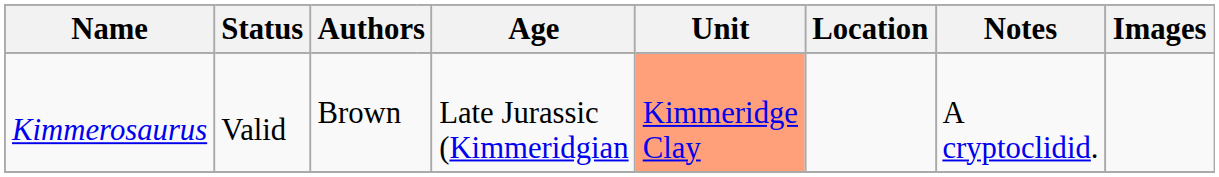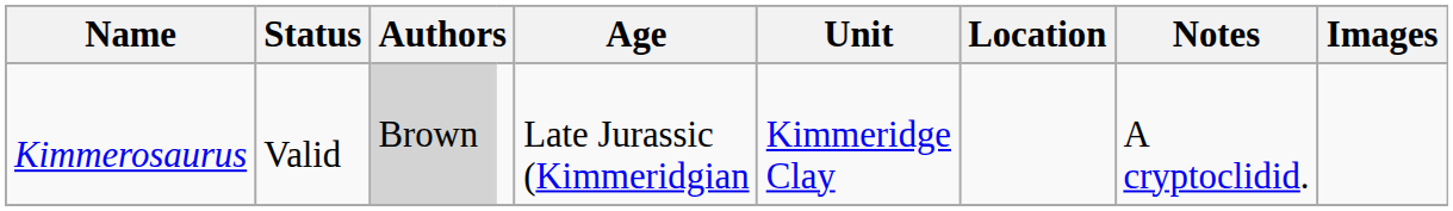 <table class="wikitable sortable" align="center" width="100%">
 <tr>
 <th>Name</th>
 <th>Status</th>
 <th colspan="2">Authors</th>
 <th>Age</th>
 <th>Unit</th>
 <th>Location</th>
 <th>Notes</th>
 <th>Images</th>
 </tr>
 <tr>
 <td><br><em><a href='#'>Kimmerosaurus</a></em></td>
 <td><br>Valid</td>
-<td style="border-right:0px" valign="top"><br>Brown</td>
+<td style="background: lightgrey; border-right:0px" valign="top"><br>Brown</td>
 <td style="border-left:0px" valign="top"></td>
 <td><br>Late Jurassic (<a href='#'>Kimmeridgian</a></td>
-<td style="background: lightsalmon;"><br><a href='#'>Kimmeridge Clay</a></td>
+<td><br><a href='#'>Kimmeridge Clay</a></td>
 <td><br></td>
 <td><br>A <a href='#'>cryptoclidid</a>.</td>
 <td></td>
 </tr>
 <tr>
 </tr>
 </table>
